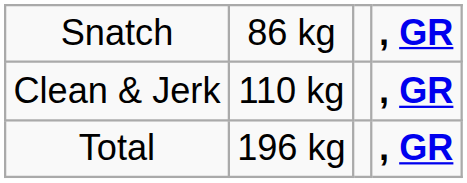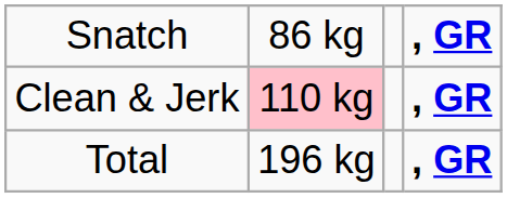 <table class = "wikitable" style="text-align:center;">
 <tr>
 <td>Snatch</td>
 <td>86 kg</td>
 <td align=left></td>
 <td><strong>, <a href='#'>GR</a></strong></td>
 </tr>
 <tr>
 <td>Clean & Jerk</td>
-<td>110 kg</td>
+<td style="background: pink;">110 kg</td>
 <td align=left></td>
 <td><strong>, <a href='#'>GR</a></strong></td>
 </tr>
 <tr>
 <td>Total</td>
 <td>196 kg</td>
 <td align=left></td>
 <td><strong>, <a href='#'>GR</a></strong></td>
 </tr>
 </table>
